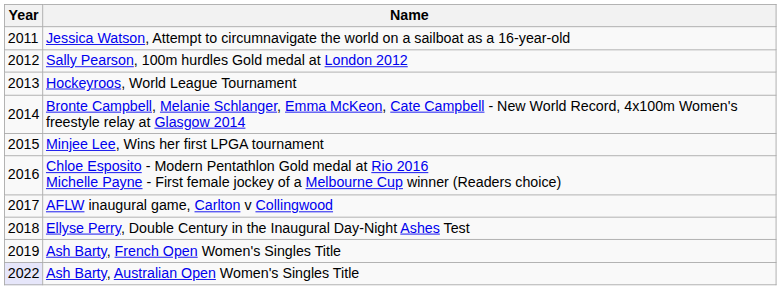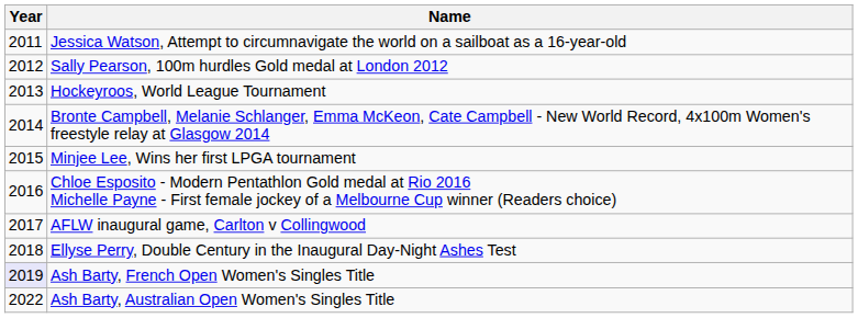 <table class="wikitable sortable">
 <tr>
 <th>Year</th>
 <th>Name</th>
 </tr>
 <tr>
 <td>2011</td>
 <td><a href='#'>Jessica Watson</a>, Attempt to circumnavigate the world on a sailboat as a 16-year-old</td>
 </tr>
 <tr>
 <td>2012</td>
 <td><a href='#'>Sally Pearson</a>, 100m hurdles Gold medal at <a href='#'>London 2012</a></td>
 </tr>
 <tr>
 <td>2013</td>
 <td><a href='#'>Hockeyroos</a>, World League Tournament</td>
 </tr>
 <tr>
 <td>2014</td>
 <td><a href='#'>Bronte Campbell</a>, <a href='#'>Melanie Schlanger</a>, <a href='#'>Emma McKeon</a>, <a href='#'>Cate Campbell</a> - New World Record, 4x100m Women's freestyle relay at <a href='#'>Glasgow 2014</a></td>
 </tr>
 <tr>
 <td>2015</td>
 <td><a href='#'>Minjee Lee</a>, Wins her first LPGA tournament</td>
 </tr>
 <tr>
 <td>2016</td>
 <td><a href='#'>Chloe Esposito</a> - Modern Pentathlon Gold medal at <a href='#'>Rio 2016</a><br><a href='#'>Michelle Payne</a> - First female jockey of a <a href='#'>Melbourne Cup</a> winner (Readers choice)</td>
 </tr>
 <tr>
 <td>2017</td>
 <td><a href='#'>AFLW</a> inaugural game, <a href='#'>Carlton</a> v <a href='#'>Collingwood</a></td>
 </tr>
 <tr>
 <td>2018</td>
 <td><a href='#'>Ellyse Perry</a>, Double Century in the Inaugural Day-Night <a href='#'>Ashes</a> Test</td>
 </tr>
 <tr>
-<td>2019</td>
+<td style="background: lavender;">2019</td>
 <td><a href='#'>Ash Barty</a>, <a href='#'>French Open</a> Women's Singles Title</td>
 </tr>
 <tr>
-<td style="background: lavender;">2022</td>
+<td>2022</td>
 <td><a href='#'>Ash Barty</a>, <a href='#'>Australian Open</a> Women's Singles Title</td>
 </tr>
 </table>
